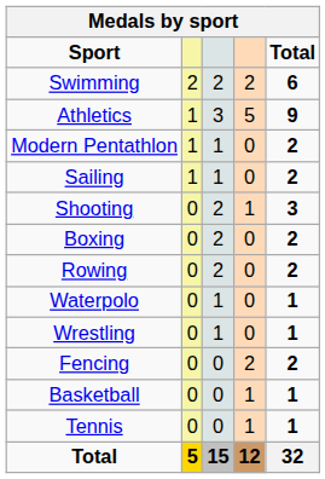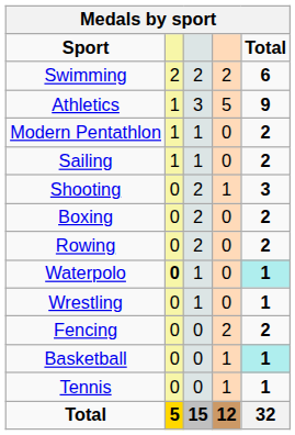 <table class="wikitable" style="font-size:85%; float:right;">
 <tr style="background:#efefef;">
 <th colspan=7><strong>Medals by sport</strong></th>
 </tr>
 <tr align=center>
 <td><strong>Sport</strong></td>
 <td bgcolor=#f7f6a8></td>
 <td bgcolor=#dce5e5></td>
 <td bgcolor=#ffdab9></td>
 <td><strong>Total</strong></td>
 </tr>
 <tr align=center>
 <td><a href='#'>Swimming</a></td>
 <td style="background:#F7F6A8;">2</td>
 <td style="background:#DCE5E5;">2</td>
 <td style="background:#FFDAB9;">2</td>
 <td><strong>6</strong></td>
 </tr>
 <tr align=center>
 <td><a href='#'>Athletics</a></td>
 <td style="background:#F7F6A8;">1</td>
 <td style="background:#DCE5E5;">3</td>
 <td style="background:#FFDAB9;">5</td>
 <td><strong>9</strong></td>
 </tr>
 <tr align=center>
 <td><a href='#'>Modern Pentathlon</a></td>
 <td style="background:#F7F6A8;">1</td>
 <td style="background:#DCE5E5;">1</td>
 <td style="background:#FFDAB9;">0</td>
 <td><strong>2</strong></td>
 </tr>
 <tr align=center>
 <td><a href='#'>Sailing</a></td>
 <td style="background:#F7F6A8;">1</td>
 <td style="background:#DCE5E5;">1</td>
 <td style="background:#FFDAB9;">0</td>
 <td><strong>2</strong></td>
 </tr>
 <tr align=center>
 <td><a href='#'>Shooting</a></td>
 <td style="background:#F7F6A8;">0</td>
 <td style="background:#DCE5E5;">2</td>
 <td style="background:#FFDAB9;">1</td>
 <td><strong>3</strong></td>
 </tr>
 <tr align=center>
 <td><a href='#'>Boxing</a></td>
 <td style="background:#F7F6A8;">0</td>
 <td style="background:#DCE5E5;">2</td>
 <td style="background:#FFDAB9;">0</td>
 <td><strong>2</strong></td>
 </tr>
 <tr align=center>
 <td><a href='#'>Rowing</a></td>
 <td style="background:#F7F6A8;">0</td>
 <td style="background:#DCE5E5;">2</td>
 <td style="background:#FFDAB9;">0</td>
 <td><strong>2</strong></td>
 </tr>
 <tr align=center>
 <td><a href='#'>Waterpolo</a></td>
-<td style="background:#F7F6A8;">0</td>
+<td style="background:#F7F6A8;"><strong>0</strong></td>
 <td style="background:#DCE5E5;">1</td>
 <td style="background:#FFDAB9;">0</td>
-<td><strong>1</strong></td>
+<td style="background: paleturquoise;"><strong>1</strong></td>
 </tr>
 <tr align=center>
 <td><a href='#'>Wrestling</a></td>
 <td style="background:#F7F6A8;">0</td>
 <td style="background:#DCE5E5;">1</td>
 <td style="background:#FFDAB9;">0</td>
 <td><strong>1</strong></td>
 </tr>
 <tr align=center>
 <td><a href='#'>Fencing</a></td>
 <td style="background:#F7F6A8;">0</td>
 <td style="background:#DCE5E5;">0</td>
 <td style="background:#FFDAB9;">2</td>
 <td><strong>2</strong></td>
 </tr>
 <tr align=center>
 <td><a href='#'>Basketball</a></td>
 <td style="background:#F7F6A8;">0</td>
 <td style="background:#DCE5E5;">0</td>
 <td style="background:#FFDAB9;">1</td>
-<td><strong>1</strong></td>
+<td style="background: paleturquoise;"><strong>1</strong></td>
 </tr>
 <tr align=center>
 <td><a href='#'>Tennis</a></td>
 <td style="background:#F7F6A8;">0</td>
 <td style="background:#DCE5E5;">0</td>
 <td style="background:#FFDAB9;">1</td>
 <td><strong>1</strong></td>
 </tr>
 <tr align=center>
 <td><strong>Total</strong></td>
 <th style="background:gold;"><strong>5</strong></th>
 <th style="background:silver;"><strong>15</strong></th>
 <th style="background:#c96;"><strong>12</strong></th>
 <th><strong>32</strong></th>
 </tr>
 </table>
